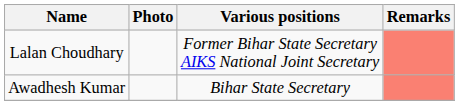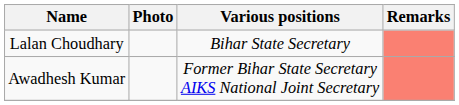 <table class="wikitable sortable" style="text-align:center">
 <tr>
 <th Style="background-color:">Name</th>
 <th Style="background-color:">Photo</th>
 <th Style="background-color:">Various positions</th>
 <th Style="background-color:">Remarks</th>
 </tr>
 <tr>
 <td>Lalan Choudhary</td>
 <td></td>
-<td><em>Former Bihar State Secretary</em><br><em><a href='#'>AIKS</a> National Joint Secretary</em></td>
+<td><em>Bihar State Secretary</em></td>
 <td bgcolor = Salmon></td>
 </tr>
 <tr>
 <td>Awadhesh Kumar</td>
 <td></td>
-<td><em>Bihar State Secretary</em></td>
+<td><em>Former Bihar State Secretary</em><br><em><a href='#'>AIKS</a> National Joint Secretary</em></td>
 <td bgcolor = Salmon></td>
 </tr>
 <tr>
 </tr>
 </table>
